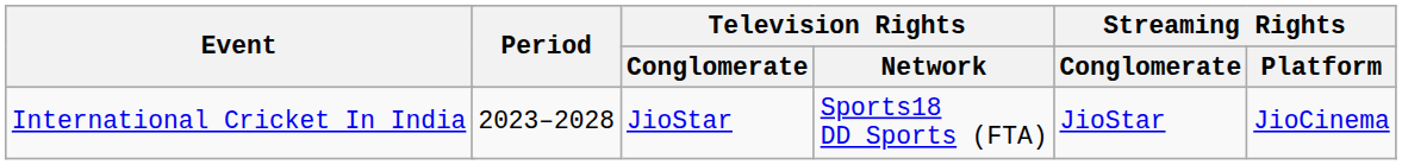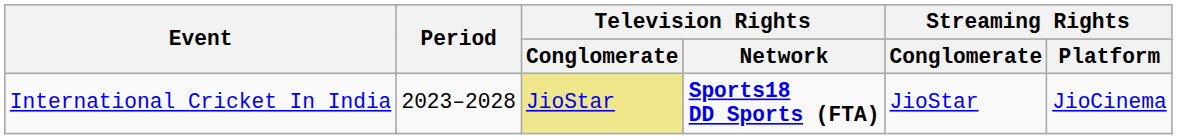 <table class="wikitable">
 <tr>
 <th colspan="2" rowspan="2">Event</th>
 <th rowspan="2">Period</th>
 <th colspan="2">Television Rights</th>
 <th colspan="2">Streaming Rights</th>
 </tr>
 <tr>
 <th>Conglomerate</th>
 <th>Network</th>
 <th>Conglomerate</th>
 <th>Platform</th>
 </tr>
 <tr>
 <td colspan="2"><a href='#'>International Cricket In India</a></td>
 <td>2023–2028</td>
-<td rowspan="1"><a href='#'>JioStar</a></td>
-<td rowspan="1"><a href='#'>Sports18</a><br><a href='#'>DD Sports</a> (FTA)</td>
+<td rowspan="1" style="background: khaki;"><a href='#'>JioStar</a></td>
+<td rowspan="1"><strong><a href='#'>Sports18</a><br><a href='#'>DD Sports</a> (FTA)</strong></td>
 <td rowspan="1"><a href='#'>JioStar</a></td>
 <td rowspan="1"><a href='#'>JioCinema</a></td>
 </tr>
 </table>
